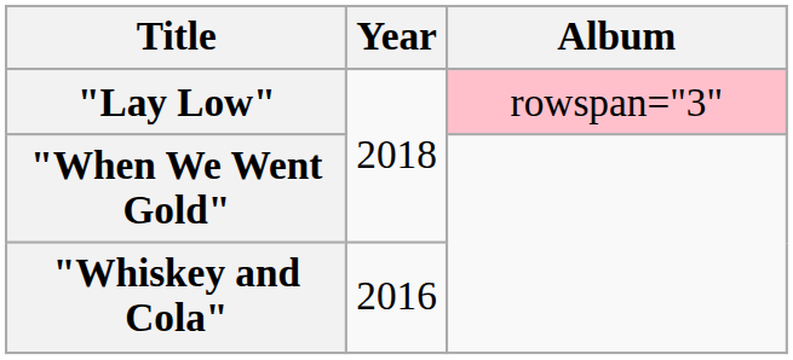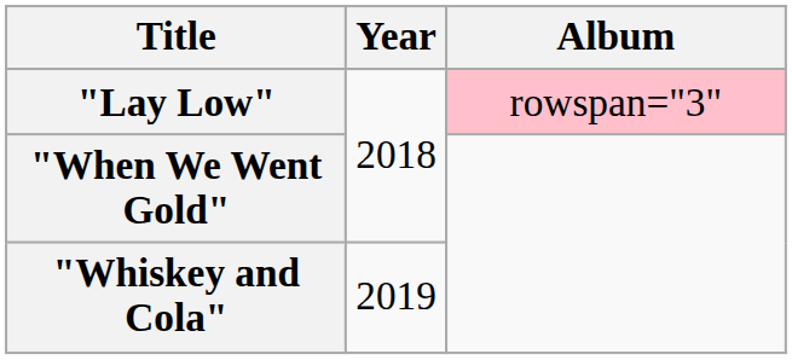 <table class="wikitable plainrowheaders" style="text-align:center;">
 <tr>
 <th scope="col" style="width:8em;">Title</th>
 <th scope="col" style="width:1em;">Year</th>
 <th scope="col" style="width:8em;">Album</th>
 </tr>
 <tr>
 <th scope="row">"Lay Low"</th>
 <td rowspan="2">2018</td>
 <td style="background: pink;">rowspan="3" </td>
 </tr>
 <tr>
 <th scope="row">"When We Went Gold"</th>
 </tr>
 <tr>
 <th scope="row">"Whiskey and Cola"</th>
-<td>2016</td>
+<td>2019</td>
 </tr>
 </table>
